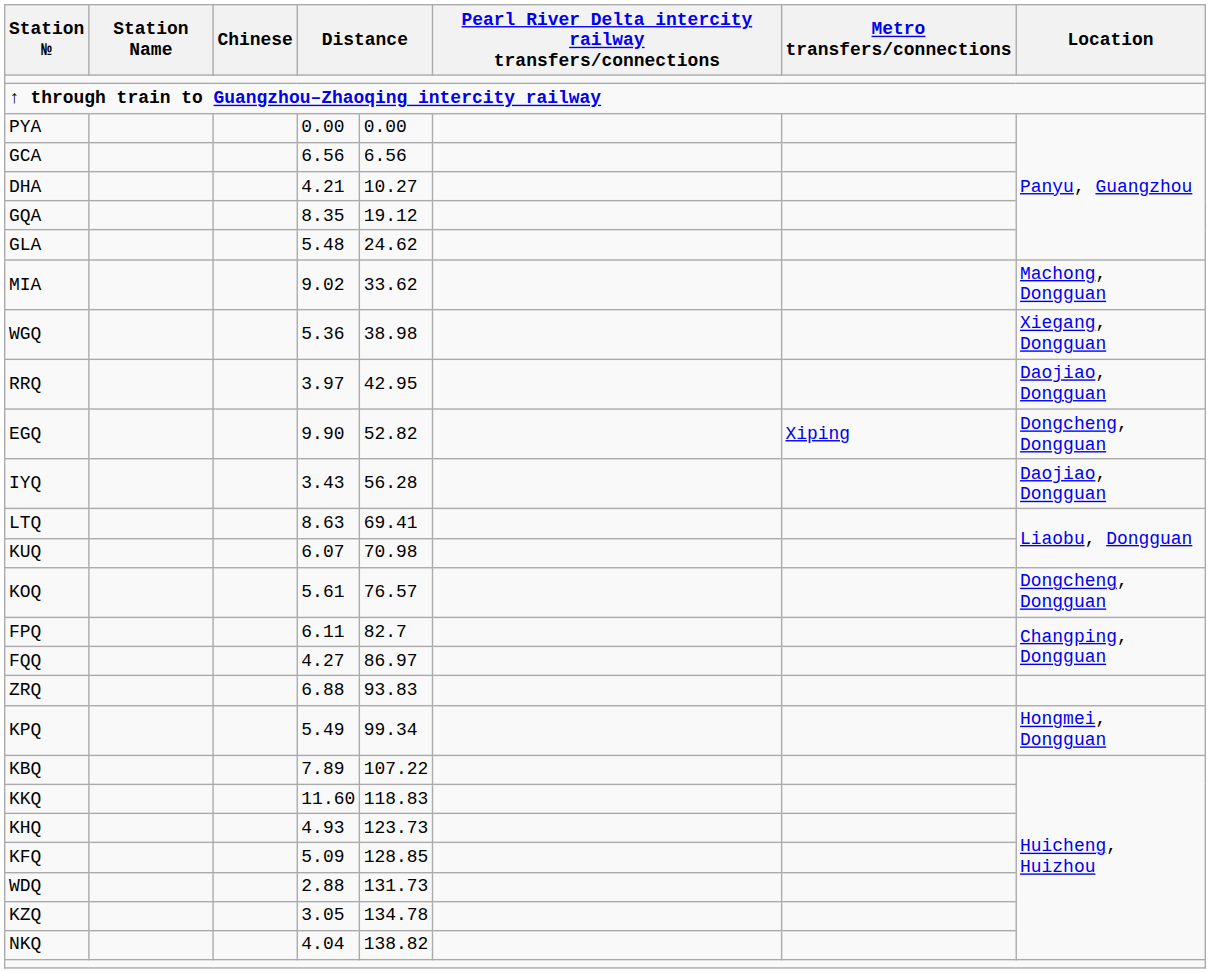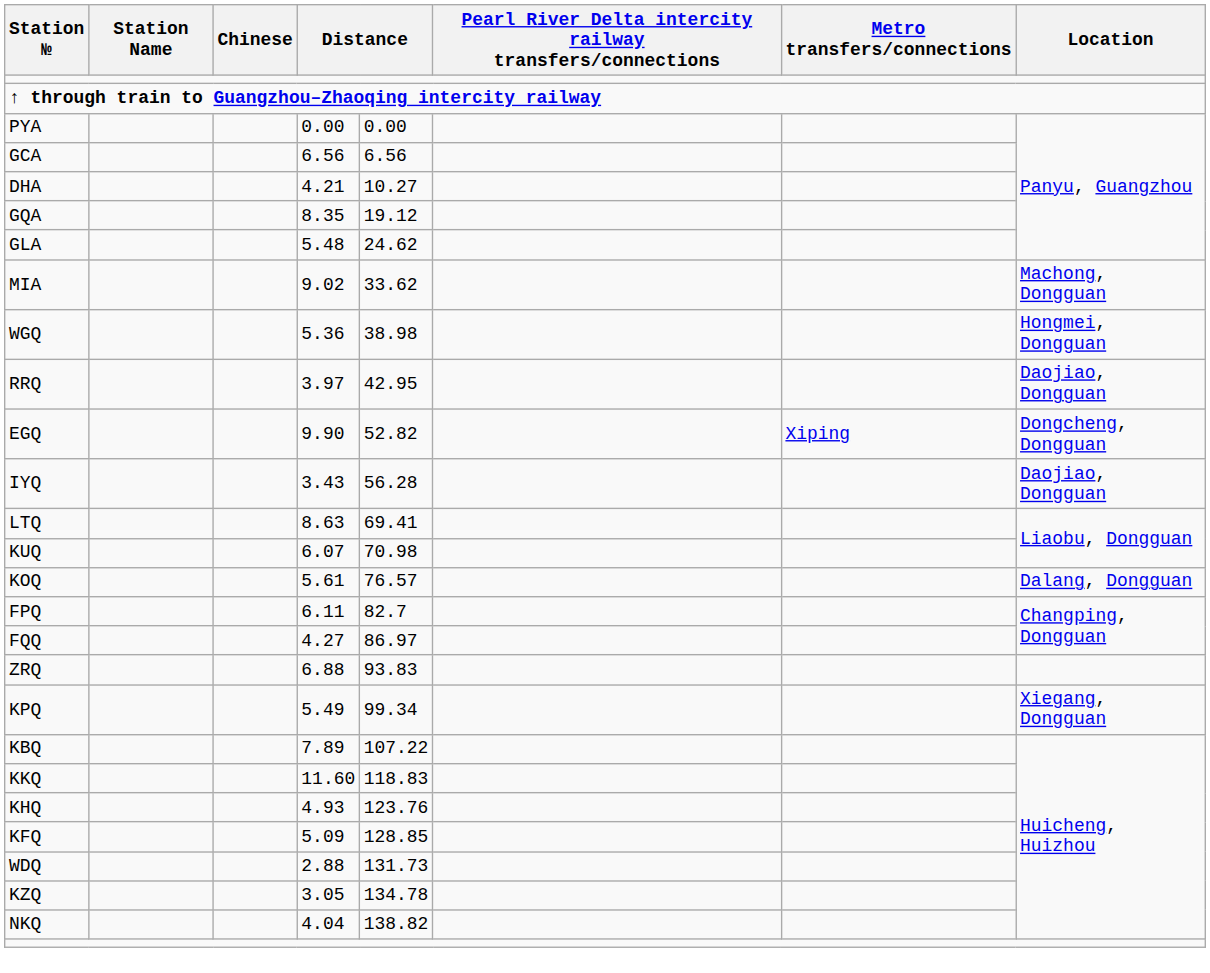 <table class="wikitable">
 <tr>
 <th>Station<br>№</th>
 <th>Station Name</th>
 <th>Chinese</th>
 <th colspan="2">Distance<br></th>
 <th><a href='#'>Pearl River Delta intercity railway</a> <br>transfers/connections</th>
 <th><a href='#'>Metro</a><br>transfers/connections</th>
 <th>Location</th>
 </tr>
 <tr style="background:#">
 <td colspan = "8"></td>
 </tr>
 <tr>
 <td colspan="8"><strong>↑ through train to <a href='#'>Guangzhou–Zhaoqing intercity railway</a></strong> </td>
 </tr>
 <tr>
 <td>PYA</td>
 <td></td>
 <td></td>
 <td>0.00</td>
 <td>0.00</td>
 <td><em></em><br> </td>
 <td>      </td>
 <td rowspan=5><a href='#'>Panyu</a>, <a href='#'>Guangzhou</a></td>
 </tr>
 <tr>
 <td>GCA</td>
 <td></td>
 <td></td>
 <td>6.56</td>
 <td>6.56</td>
 <td></td>
 <td>   </td>
 </tr>
 <tr>
 <td>DHA</td>
 <td></td>
 <td></td>
 <td>4.21</td>
 <td>10.27</td>
 <td></td>
 <td></td>
 </tr>
 <tr>
 <td>GQA</td>
 <td> </td>
 <td></td>
 <td>8.35</td>
 <td>19.12</td>
 <td></td>
 <td>  <em></em></td>
 </tr>
 <tr>
 <td>GLA</td>
 <td></td>
 <td></td>
 <td>5.48</td>
 <td>24.62</td>
 <td><em></em></td>
 <td> </td>
 </tr>
 <tr>
 <td>MIA</td>
 <td></td>
 <td></td>
 <td>9.02</td>
 <td>33.62</td>
 <td></td>
 <td></td>
 <td><a href='#'>Machong</a>, <a href='#'>Dongguan</a></td>
 </tr>
 <tr>
 <td>WGQ</td>
 <td> </td>
 <td></td>
 <td>5.36</td>
 <td>38.98</td>
 <td></td>
 <td></td>
-<td><a href='#'>Xiegang</a>, <a href='#'>Dongguan</a></td>
+<td><a href='#'>Hongmei</a>, <a href='#'>Dongguan</a></td>
 </tr>
 <tr>
 <td>RRQ</td>
 <td></td>
 <td></td>
 <td>3.97</td>
 <td>42.95</td>
 <td></td>
 <td></td>
 <td><a href='#'>Daojiao</a>, <a href='#'>Dongguan</a></td>
 </tr>
 <tr>
 <td>EGQ</td>
 <td> </td>
 <td></td>
 <td>9.90</td>
 <td>52.82</td>
 <td></td>
 <td>  <a href='#'>Xiping</a></td>
 <td><a href='#'>Dongcheng</a>, <a href='#'>Dongguan</a></td>
 </tr>
 <tr>
 <td>IYQ</td>
 <td> </td>
 <td></td>
 <td>3.43</td>
 <td>56.28</td>
 <td></td>
 <td></td>
 <td><a href='#'>Daojiao</a>, <a href='#'>Dongguan</a></td>
 </tr>
 <tr>
 <td>LTQ</td>
 <td></td>
 <td></td>
 <td>8.63</td>
 <td>69.41</td>
 <td></td>
 <td></td>
 <td rowspan = "2"><a href='#'>Liaobu</a>, <a href='#'>Dongguan</a></td>
 </tr>
 <tr>
 <td>KUQ</td>
 <td> </td>
 <td></td>
 <td>6.07</td>
 <td>70.98</td>
 <td></td>
 <td></td>
 </tr>
 <tr>
 <td>KOQ</td>
 <td> </td>
 <td></td>
 <td>5.61</td>
 <td>76.57</td>
 <td></td>
 <td></td>
-<td><a href='#'>Dongcheng</a>, <a href='#'>Dongguan</a></td>
+<td><a href='#'>Dalang</a>, <a href='#'>Dongguan</a></td>
 </tr>
 <tr>
 <td>FPQ</td>
 <td> </td>
 <td></td>
 <td>6.11</td>
 <td>82.7</td>
 <td></td>
 <td></td>
 <td rowspan = "2"><a href='#'>Changping</a>, <a href='#'>Dongguan</a></td>
 </tr>
 <tr>
 <td>FQQ</td>
 <td> </td>
 <td></td>
 <td>4.27</td>
 <td>86.97</td>
 <td></td>
 <td></td>
 </tr>
 <tr>
 <td>ZRQ</td>
 <td> </td>
 <td></td>
 <td>6.88</td>
 <td>93.83</td>
 <td></td>
 <td></td>
 <td></td>
 </tr>
 <tr>
 <td>KPQ</td>
 <td></td>
 <td></td>
 <td>5.49</td>
 <td>99.34</td>
 <td></td>
 <td></td>
-<td><a href='#'>Hongmei</a>, <a href='#'>Dongguan</a></td>
+<td><a href='#'>Xiegang</a>, <a href='#'>Dongguan</a></td>
 </tr>
 <tr>
 <td>KBQ</td>
 <td> </td>
 <td></td>
 <td>7.89</td>
 <td>107.22</td>
 <td></td>
 <td></td>
 <td rowspan = "7"><a href='#'>Huicheng</a>, <a href='#'>Huizhou</a></td>
 </tr>
 <tr>
 <td>KKQ</td>
 <td> </td>
 <td></td>
 <td>11.60</td>
 <td>118.83</td>
 <td></td>
 <td></td>
 </tr>
 <tr>
 <td>KHQ</td>
 <td></td>
 <td></td>
 <td>4.93</td>
-<td>123.73</td>
+<td>123.76</td>
 <td></td>
 <td></td>
 </tr>
 <tr>
 <td>KFQ</td>
 <td></td>
 <td></td>
 <td>5.09</td>
 <td>128.85</td>
 <td></td>
 <td></td>
 </tr>
 <tr>
 <td>WDQ</td>
 <td> </td>
 <td></td>
 <td>2.88</td>
 <td>131.73</td>
 <td></td>
 <td></td>
 </tr>
 <tr>
 <td>KZQ</td>
 <td></td>
 <td></td>
 <td>3.05</td>
 <td>134.78</td>
 <td></td>
 <td></td>
 </tr>
 <tr>
 <td>NKQ</td>
 <td></td>
 <td></td>
 <td>4.04</td>
 <td>138.82</td>
 <td></td>
 <td></td>
 </tr>
 <tr style="background:#">
 <td colspan = "8"></td>
 </tr>
 </table>
